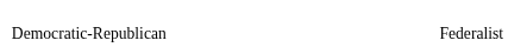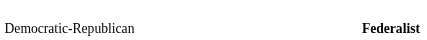 <table style="width:60%; text-align:center">
 <tr style="color:white">
 <td style="background:"><strong>189</strong></td>
 <td style="background:"><strong>24</strong></td>
 </tr>
 <tr>
 <td><span>Democratic-Republican</span></td>
-<td><span>Federalist</span></td>
+<td><strong><span>Federalist</span></strong></td>
 </tr>
 </table>
